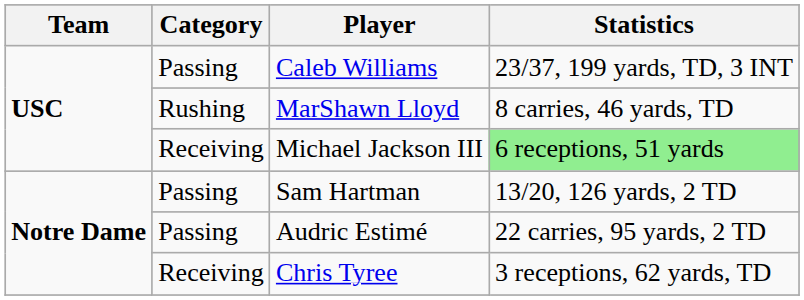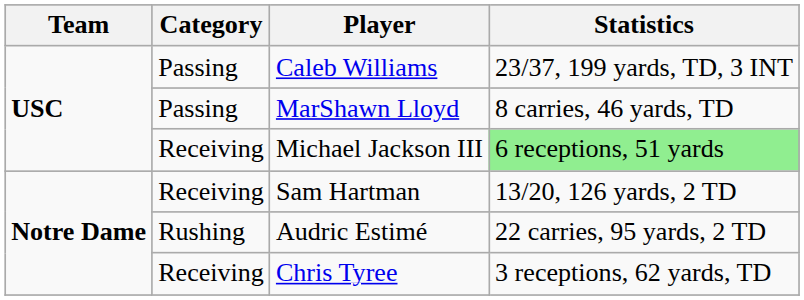 <table class="wikitable" style="float: right;">
 <tr>
 <th>Team</th>
 <th>Category</th>
 <th>Player</th>
 <th>Statistics</th>
 </tr>
 <tr>
 <td rowspan=3><strong>USC</strong></td>
 <td>Passing</td>
 <td><a href='#'>Caleb Williams</a></td>
 <td>23/37, 199 yards, TD, 3 INT</td>
 </tr>
 <tr>
-<td>Rushing</td>
+<td>Passing</td>
 <td><a href='#'>MarShawn Lloyd</a></td>
 <td>8 carries, 46 yards, TD</td>
 </tr>
 <tr>
 <td>Receiving</td>
 <td>Michael Jackson III</td>
 <td style="background: lightgreen;">6 receptions, 51 yards</td>
 </tr>
 <tr>
 <td rowspan=3><strong>Notre Dame</strong></td>
-<td>Passing</td>
+<td>Receiving</td>
 <td>Sam Hartman</td>
 <td>13/20, 126 yards, 2 TD</td>
 </tr>
 <tr>
-<td>Passing</td>
+<td>Rushing</td>
 <td>Audric Estimé</td>
 <td>22 carries, 95 yards, 2 TD</td>
 </tr>
 <tr>
 <td>Receiving</td>
 <td><a href='#'>Chris Tyree</a></td>
 <td>3 receptions, 62 yards, TD</td>
 </tr>
 </table>
